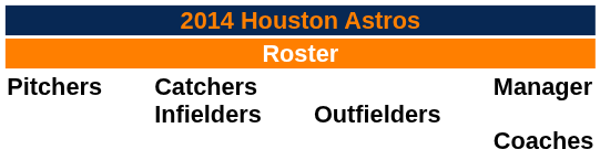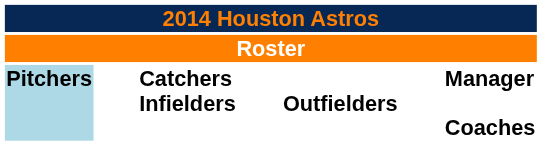 <table class="toccolours" style="font-size: 95%;">
 <tr>
 <th colspan="10" style="background:#072854; color:#FF7F00; text-align:center;">2014 Houston Astros</th>
 </tr>
 <tr>
 <td colspan="10" style="background:#FF7F00; color:white; text-align:center;"><strong>Roster</strong></td>
 </tr>
 <tr>
-<td valign="top"><strong>Pitchers</strong><br>                           </td>
+<td valign="top" style="background: lightblue;"><strong>Pitchers</strong><br>                           </td>
 <td style="width:25px;"></td>
 <td valign="top"><strong>Catchers</strong><br>   <strong>Infielders</strong>         </td>
 <td style="width:25px;"></td>
 <td valign="top"><br><strong>Outfielders</strong>        </td>
 <td style="width:25px;"></td>
 <td valign="top"><strong>Manager</strong><br>  <br><strong>Coaches</strong>                  </td>
 </tr>
 </table>
